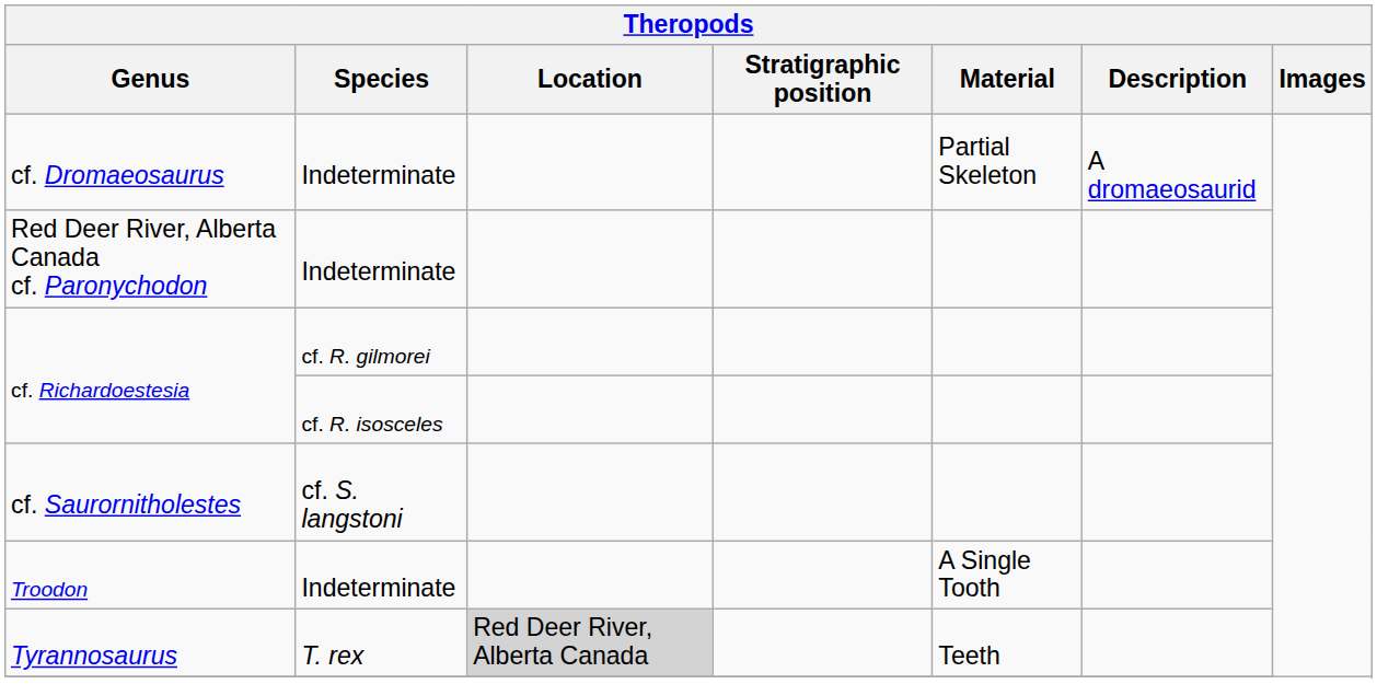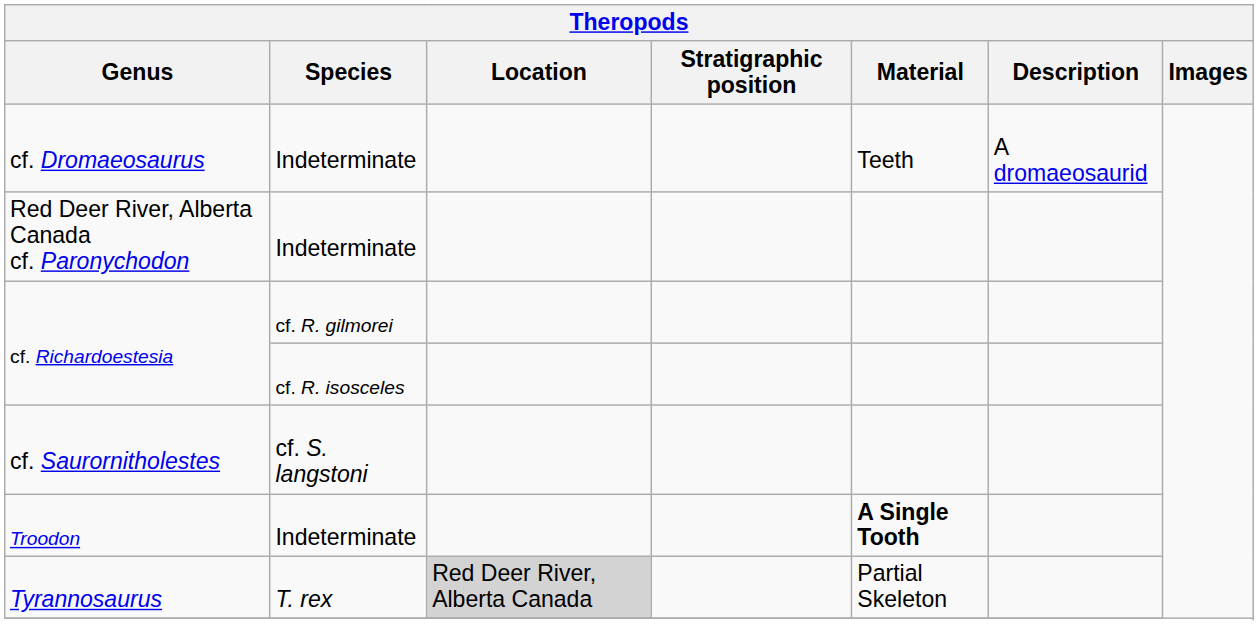 <table class="wikitable" align="center" >
 <tr>
 <th colspan="7" align="center"><strong><a href='#'>Theropods</a></strong></th>
 </tr>
 <tr>
 <th>Genus</th>
 <th>Species</th>
 <th>Location</th>
 <th>Stratigraphic position</th>
 <th>Material</th>
 <th>Description</th>
 <th>Images</th>
 </tr>
 <tr>
 <td><br>cf. <em><a href='#'>Dromaeosaurus</a></em></td>
 <td><br>Indeterminate</td>
 <td></td>
 <td></td>
-<td>Partial Skeleton</td>
+<td><br>Teeth</td>
 <td><br>A <a href='#'>dromaeosaurid</a></td>
 <td rowspan="99"><br>   </td>
 </tr>
 <tr>
 <td>Red Deer River, Alberta Canada<br>cf. <em><a href='#'>Paronychodon</a></em></td>
 <td><br>Indeterminate</td>
 <td></td>
 <td></td>
 <td></td>
 <td></td>
 </tr>
 <tr>
 <td rowspan="2"><br><small>cf. <em><a href='#'>Richardoestesia</a></em></small></td>
 <td><br><small>cf. <em>R. gilmorei</em></small></td>
 <td></td>
 <td></td>
 <td></td>
 <td></td>
 </tr>
 <tr>
 <td><br><small>cf. <em>R. isosceles</em></small></td>
 <td></td>
 <td></td>
 <td></td>
 <td></td>
 </tr>
 <tr>
 <td><br>cf. <em><a href='#'>Saurornitholestes</a></em></td>
 <td><br>cf. <em>S. langstoni</em></td>
 <td></td>
 <td></td>
 <td></td>
 <td></td>
 </tr>
 <tr>
 <td><br><small><em><a href='#'>Troodon</a></em></small></td>
 <td><br>Indeterminate</td>
 <td></td>
 <td></td>
-<td>A Single Tooth</td>
+<td><strong>A Single Tooth</strong></td>
 <td></td>
 </tr>
 <tr>
 <td><br><em><a href='#'>Tyrannosaurus</a></em></td>
 <td><br><em>T. rex</em></td>
 <td style="background: lightgrey;">Red Deer River, Alberta Canada</td>
 <td></td>
-<td><br>Teeth</td>
+<td>Partial Skeleton</td>
 <td></td>
 </tr>
 <tr>
 </tr>
 </table>
